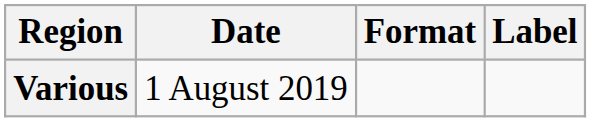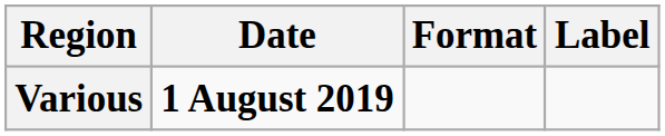 <table class="wikitable plainrowheaders">
 <tr>
 <th>Region</th>
 <th>Date</th>
 <th>Format</th>
 <th>Label</th>
 </tr>
 <tr>
 <th rowspan="2" scope="row">Various</th>
-<td>1 August 2019</td>
+<td><strong>1 August 2019</strong></td>
 <td></td>
 <td></td>
 </tr>
 </table>
